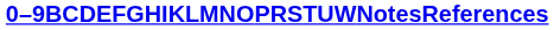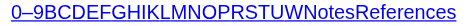 <table id="toc" class="toc" summary="Class" align="center" style="text-align:center;">
 <tr>
 <th></th>
 </tr>
 <tr>
-<td><strong><a href='#'>0–9</a><a href='#'>B</a><a href='#'>C</a><a href='#'>D</a><a href='#'>E</a><a href='#'>F</a><a href='#'>G</a><a href='#'>H</a><a href='#'>I</a><a href='#'>K</a><a href='#'>L</a><a href='#'>M</a><a href='#'>N</a><a href='#'>O</a><a href='#'>P</a><a href='#'>R</a><a href='#'>S</a><a href='#'>T</a><a href='#'>U</a><a href='#'>W</a><a href='#'>Notes</a><a href='#'>References</a></strong></td>
+<td><a href='#'>0–9</a><a href='#'>B</a><a href='#'>C</a><a href='#'>D</a><a href='#'>E</a><a href='#'>F</a><a href='#'>G</a><a href='#'>H</a><a href='#'>I</a><a href='#'>K</a><a href='#'>L</a><a href='#'>M</a><a href='#'>N</a><a href='#'>O</a><a href='#'>P</a><a href='#'>R</a><a href='#'>S</a><a href='#'>T</a><a href='#'>U</a><a href='#'>W</a><a href='#'>Notes</a><a href='#'>References</a></td>
 </tr>
 </table>
